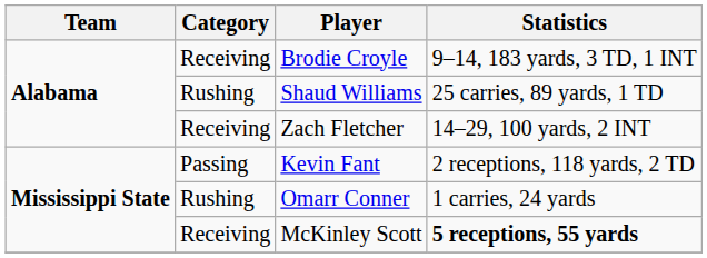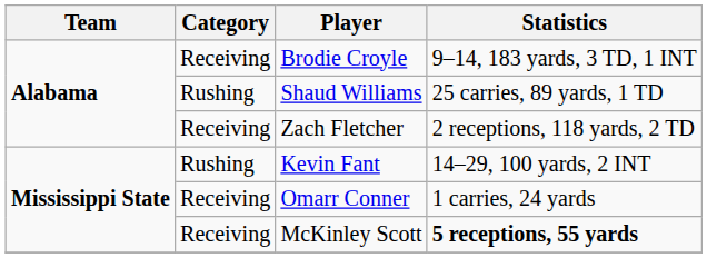 <table class="wikitable" style="float: right;">
 <tr>
 <th>Team</th>
 <th>Category</th>
 <th>Player</th>
 <th>Statistics</th>
 </tr>
 <tr>
 <td rowspan=3><strong>Alabama</strong></td>
 <td>Receiving</td>
 <td><a href='#'>Brodie Croyle</a></td>
 <td>9–14, 183 yards, 3 TD, 1 INT</td>
 </tr>
 <tr>
 <td>Rushing</td>
 <td><a href='#'>Shaud Williams</a></td>
 <td>25 carries, 89 yards, 1 TD</td>
 </tr>
 <tr>
 <td>Receiving</td>
 <td>Zach Fletcher</td>
+<td>2 receptions, 118 yards, 2 TD</td>
+</tr>
+<tr>
+<td rowspan=3><strong>Mississippi State</strong></td>
+<td>Rushing</td>
+<td><a href='#'>Kevin Fant</a></td>
 <td>14–29, 100 yards, 2 INT</td>
 </tr>
 <tr>
-<td rowspan=3><strong>Mississippi State</strong></td>
-<td>Passing</td>
-<td><a href='#'>Kevin Fant</a></td>
-<td>2 receptions, 118 yards, 2 TD</td>
-</tr>
-<tr>
-<td>Rushing</td>
+<td>Receiving</td>
 <td><a href='#'>Omarr Conner</a></td>
 <td>1 carries, 24 yards</td>
 </tr>
 <tr>
 <td>Receiving</td>
 <td>McKinley Scott</td>
 <td><strong>5 receptions, 55 yards</strong></td>
 </tr>
 <tr>
 </tr>
 </table>
